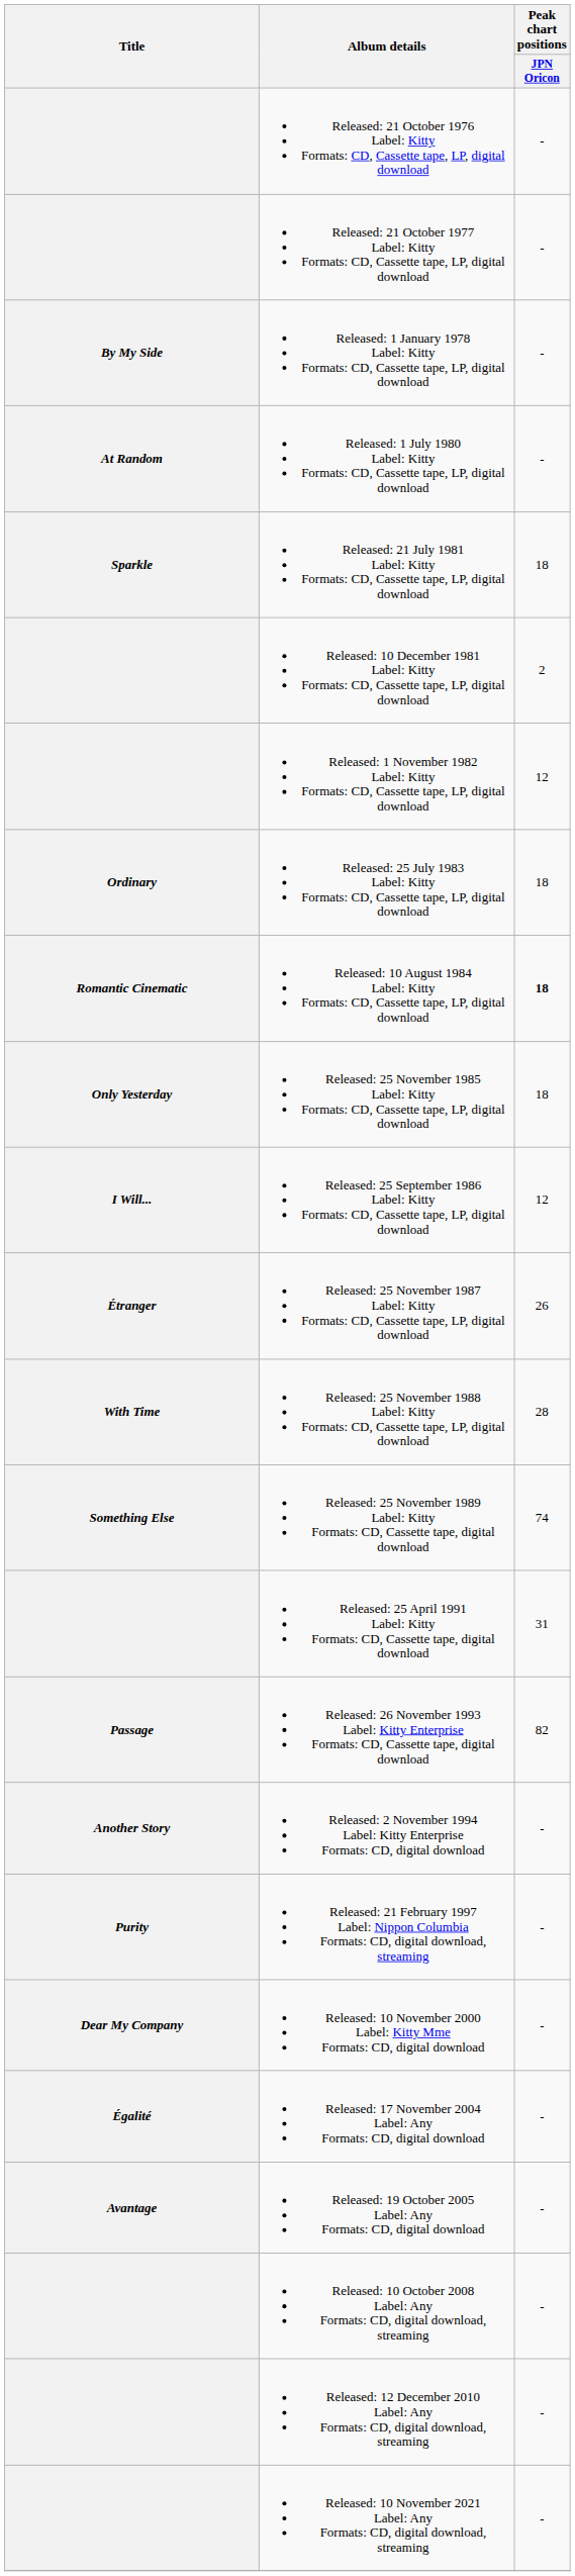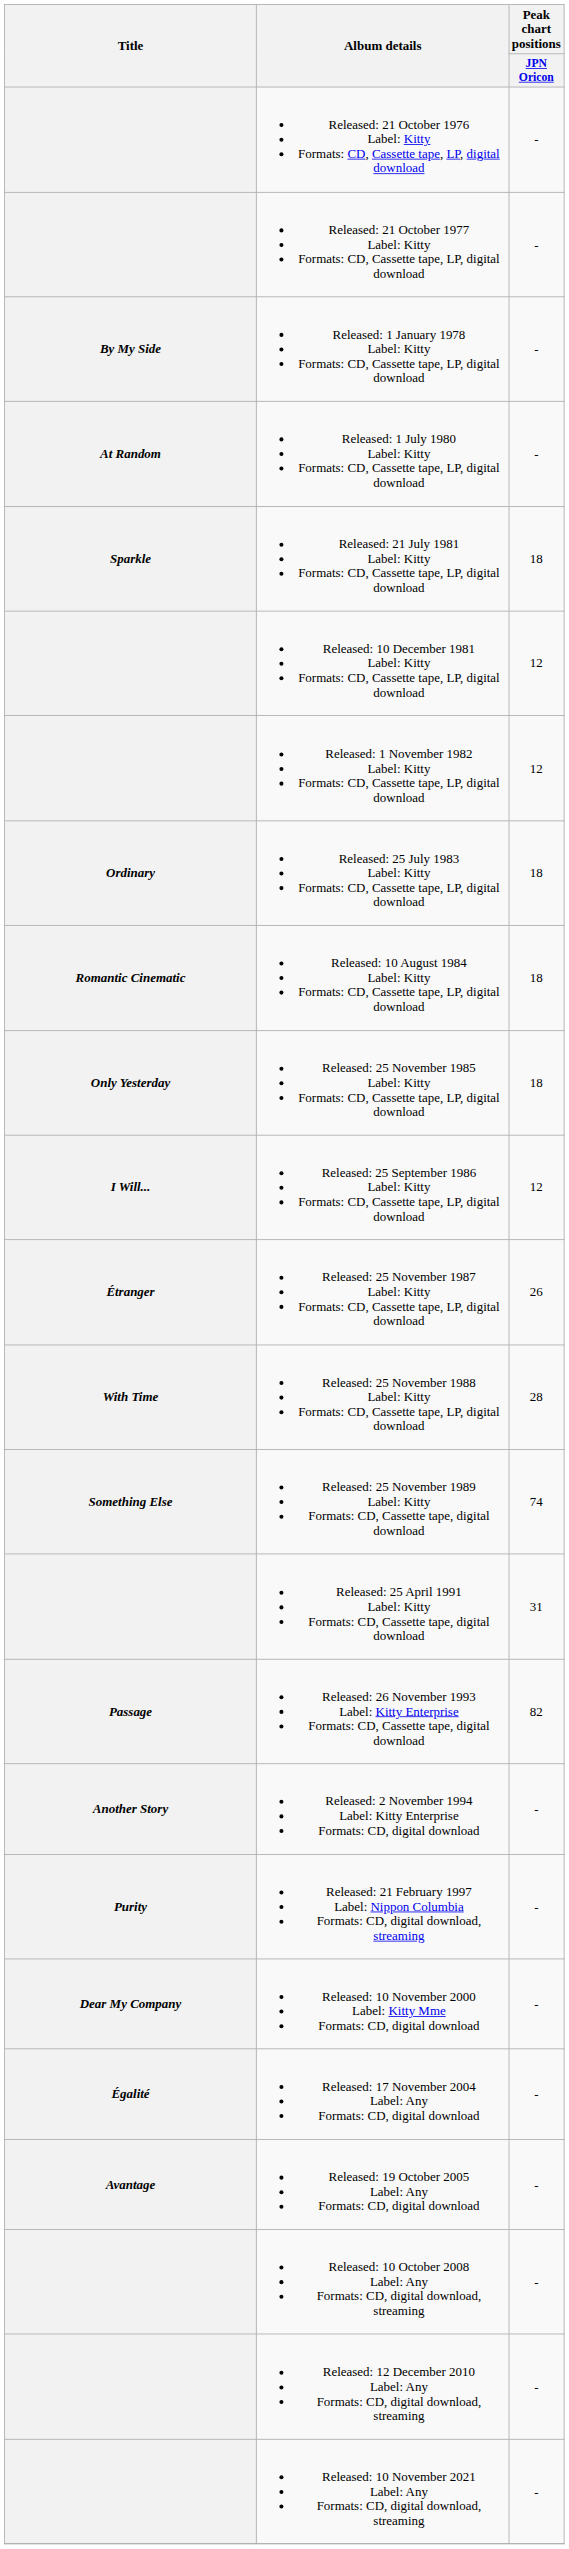 <table class="wikitable plainrowheaders" style="text-align:center;">
 <tr>
 <th scope="col" rowspan="2" style="width:19em;">Title</th>
 <th scope="col" rowspan="2" style="width:19em;">Album details</th>
 <th scope="col">Peak chart positions</th>
 </tr>
 <tr>
 <th scope="col" style="width:2.9em;font-size:90%;"><a href='#'>JPN<br>Oricon</a><br></th>
 </tr>
 <tr>
 <th scope="row"></th>
 <td><br><ul><li>Released: 21 October 1976</li><li>Label: <a href='#'>Kitty</a></li><li>Formats: <a href='#'>CD</a>, <a href='#'>Cassette tape</a>, <a href='#'>LP</a>, <a href='#'>digital download</a></li></ul></td>
 <td>-</td>
 </tr>
 <tr>
 <th scope="row"></th>
 <td><br><ul><li>Released: 21 October 1977</li><li>Label: Kitty</li><li>Formats: CD, Cassette tape, LP, digital download</li></ul></td>
 <td>-</td>
 </tr>
 <tr>
 <th scope="row"><em>By My Side</em></th>
 <td><br><ul><li>Released: 1 January 1978</li><li>Label: Kitty</li><li>Formats: CD, Cassette tape, LP, digital download</li></ul></td>
 <td>-</td>
 </tr>
 <tr>
 <th scope="row"><em>At Random</em></th>
 <td><br><ul><li>Released: 1 July 1980</li><li>Label: Kitty</li><li>Formats: CD, Cassette tape, LP, digital download</li></ul></td>
 <td>-</td>
 </tr>
 <tr>
 <th scope="row"><em>Sparkle</em></th>
 <td><br><ul><li>Released: 21 July 1981</li><li>Label: Kitty</li><li>Formats: CD, Cassette tape, LP, digital download</li></ul></td>
 <td>18</td>
 </tr>
 <tr>
 <th scope="row"></th>
 <td><br><ul><li>Released: 10 December 1981</li><li>Label: Kitty</li><li>Formats: CD, Cassette tape, LP, digital download</li></ul></td>
-<td>2</td>
+<td>12</td>
 </tr>
 <tr>
 <th scope="row"></th>
 <td><br><ul><li>Released: 1 November 1982</li><li>Label: Kitty</li><li>Formats: CD, Cassette tape, LP, digital download</li></ul></td>
 <td>12</td>
 </tr>
 <tr>
 <th scope="row"><em>Ordinary</em></th>
 <td><br><ul><li>Released: 25 July 1983</li><li>Label: Kitty</li><li>Formats: CD, Cassette tape, LP, digital download</li></ul></td>
 <td>18</td>
 </tr>
 <tr>
 <th scope="row"><em>Romantic Cinematic</em></th>
 <td><br><ul><li>Released: 10 August 1984</li><li>Label: Kitty</li><li>Formats: CD, Cassette tape, LP, digital download</li></ul></td>
-<td><strong>18</strong></td>
+<td>18</td>
 </tr>
 <tr>
 <th scope="row"><em>Only Yesterday</em></th>
 <td><br><ul><li>Released: 25 November 1985</li><li>Label: Kitty</li><li>Formats: CD, Cassette tape, LP, digital download</li></ul></td>
 <td>18</td>
 </tr>
 <tr>
 <th scope="row"><em>I Will...</em></th>
 <td><br><ul><li>Released: 25 September 1986</li><li>Label: Kitty</li><li>Formats: CD, Cassette tape, LP, digital download</li></ul></td>
 <td>12</td>
 </tr>
 <tr>
 <th scope="row"><em>Étranger</em></th>
 <td><br><ul><li>Released: 25 November 1987</li><li>Label: Kitty</li><li>Formats: CD, Cassette tape, LP, digital download</li></ul></td>
 <td>26</td>
 </tr>
 <tr>
 <th scope="row"><em>With Time</em></th>
 <td><br><ul><li>Released: 25 November 1988</li><li>Label: Kitty</li><li>Formats: CD, Cassette tape, LP, digital download</li></ul></td>
 <td>28</td>
 </tr>
 <tr>
 <th scope="row"><em>Something Else</em></th>
 <td><br><ul><li>Released: 25 November 1989</li><li>Label: Kitty</li><li>Formats: CD, Cassette tape, digital download</li></ul></td>
 <td>74</td>
 </tr>
 <tr>
 <th scope="row"></th>
 <td><br><ul><li>Released: 25 April 1991</li><li>Label: Kitty</li><li>Formats: CD, Cassette tape, digital download</li></ul></td>
 <td>31</td>
 </tr>
 <tr>
 <th scope="row"><em>Passage</em></th>
 <td><br><ul><li>Released: 26 November 1993</li><li>Label: <a href='#'>Kitty Enterprise</a></li><li>Formats: CD, Cassette tape, digital download</li></ul></td>
 <td>82</td>
 </tr>
 <tr>
 <th scope="row"><em>Another Story</em></th>
 <td><br><ul><li>Released: 2 November 1994</li><li>Label: Kitty Enterprise</li><li>Formats: CD, digital download</li></ul></td>
 <td>-</td>
 </tr>
 <tr>
 <th scope="row"><em>Purity</em></th>
 <td><br><ul><li>Released: 21 February 1997</li><li>Label: <a href='#'>Nippon Columbia</a></li><li>Formats: CD, digital download, <a href='#'>streaming</a></li></ul></td>
 <td>-</td>
 </tr>
 <tr>
 <th scope="row"><em>Dear My Company</em></th>
 <td><br><ul><li>Released: 10 November 2000</li><li>Label: <a href='#'>Kitty Mme</a></li><li>Formats: CD, digital download</li></ul></td>
 <td>-</td>
 </tr>
 <tr>
 <th scope="row"><em>Égalité</em></th>
 <td><br><ul><li>Released: 17 November 2004</li><li>Label: Any</li><li>Formats: CD, digital download</li></ul></td>
 <td>-</td>
 </tr>
 <tr>
 <th scope="row"><em>Avantage</em></th>
 <td><br><ul><li>Released: 19 October 2005</li><li>Label: Any</li><li>Formats: CD, digital download</li></ul></td>
 <td>-</td>
 </tr>
 <tr>
 <th scope="row"></th>
 <td><br><ul><li>Released: 10 October 2008</li><li>Label: Any</li><li>Formats: CD, digital download, streaming</li></ul></td>
 <td>-</td>
 </tr>
 <tr>
 <th scope="row"></th>
 <td><br><ul><li>Released: 12 December 2010</li><li>Label: Any</li><li>Formats: CD, digital download, streaming</li></ul></td>
 <td>-</td>
 </tr>
 <tr>
 <th scope="row"></th>
 <td><br><ul><li>Released: 10 November 2021</li><li>Label: Any</li><li>Formats: CD, digital download, streaming</li></ul></td>
 <td>-</td>
 </tr>
 <tr>
 </tr>
 </table>
